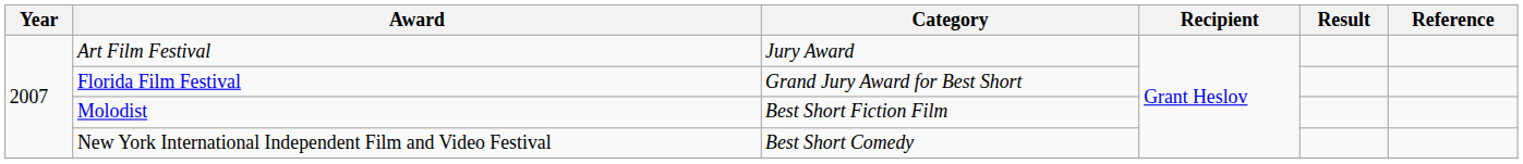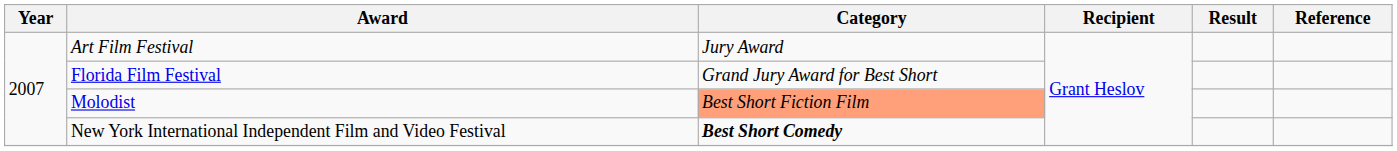 <table class="wikitable" style="width:99%;">
 <tr>
 <th>Year</th>
 <th>Award</th>
 <th>Category</th>
 <th>Recipient</th>
 <th>Result</th>
 <th>Reference</th>
 </tr>
 <tr>
 <td rowspan="4">2007</td>
 <td><em>Art Film Festival</em></td>
 <td><em>Jury Award</em></td>
 <td rowspan="4"><a href='#'>Grant Heslov</a></td>
 <td></td>
 <td></td>
 </tr>
 <tr>
 <td><a href='#'>Florida Film Festival</a></td>
 <td><em>Grand Jury Award for Best Short</em></td>
 <td></td>
 <td></td>
 </tr>
 <tr>
 <td><a href='#'>Molodist</a></td>
-<td><em>Best Short Fiction Film</em></td>
+<td style="background: lightsalmon;"><em>Best Short Fiction Film</em></td>
 <td></td>
 <td></td>
 </tr>
 <tr>
 <td>New York International Independent Film and Video Festival</td>
-<td><em>Best Short Comedy</em></td>
+<td><strong><em>Best Short Comedy</em></strong></td>
 <td></td>
 <td></td>
 </tr>
 <tr>
 </tr>
 </table>
